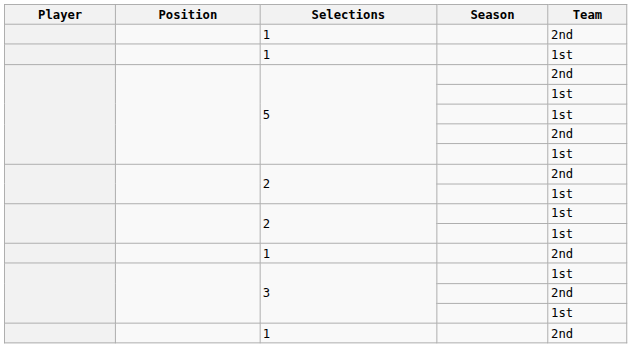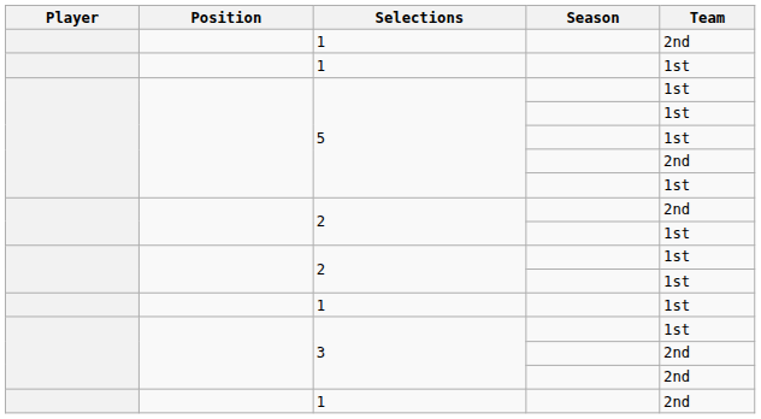 <table class="wikitable sortable" width="75%">
 <tr>
 <th scope="col">Player</th>
 <th scope="col">Position</th>
 <th scope="col">Selections</th>
 <th scope="col">Season</th>
 <th scope="col">Team</th>
 </tr>
 <tr>
 <th scope="row"></th>
 <td></td>
 <td>1</td>
 <td></td>
 <td>2nd</td>
 </tr>
 <tr>
 <th scope="row"></th>
 <td></td>
 <td>1</td>
 <td></td>
 <td>1st</td>
 </tr>
 <tr>
 <th scope="row" rowspan="5"></th>
 <td rowspan="5"></td>
 <td rowspan="5">5</td>
 <td></td>
-<td>2nd</td>
+<td>1st</td>
 </tr>
 <tr>
 <td></td>
 <td>1st</td>
 </tr>
 <tr>
 <td></td>
 <td>1st</td>
 </tr>
 <tr>
 <td></td>
 <td>2nd</td>
 </tr>
 <tr>
 <td></td>
 <td>1st</td>
 </tr>
 <tr>
 <th scope="row" rowspan="2"></th>
 <td rowspan="2"></td>
 <td rowspan="2">2</td>
 <td></td>
 <td>2nd</td>
 </tr>
 <tr>
 <td></td>
 <td>1st</td>
 </tr>
 <tr>
 <th scope="row" rowspan="2"></th>
 <td rowspan="2"></td>
 <td rowspan="2">2</td>
 <td></td>
 <td>1st</td>
 </tr>
 <tr>
 <td></td>
 <td>1st</td>
 </tr>
 <tr>
 <th scope="row"></th>
 <td></td>
 <td>1</td>
 <td></td>
-<td>2nd</td>
+<td>1st</td>
 </tr>
 <tr>
 <th scope="row" rowspan="3"></th>
 <td rowspan="3"></td>
 <td rowspan="3">3</td>
 <td></td>
 <td>1st</td>
 </tr>
 <tr>
 <td></td>
 <td>2nd</td>
 </tr>
 <tr>
 <td></td>
-<td>1st</td>
+<td>2nd</td>
 </tr>
 <tr>
 <th scope="row"></th>
 <td></td>
 <td>1</td>
 <td></td>
 <td>2nd</td>
 </tr>
 </table>
